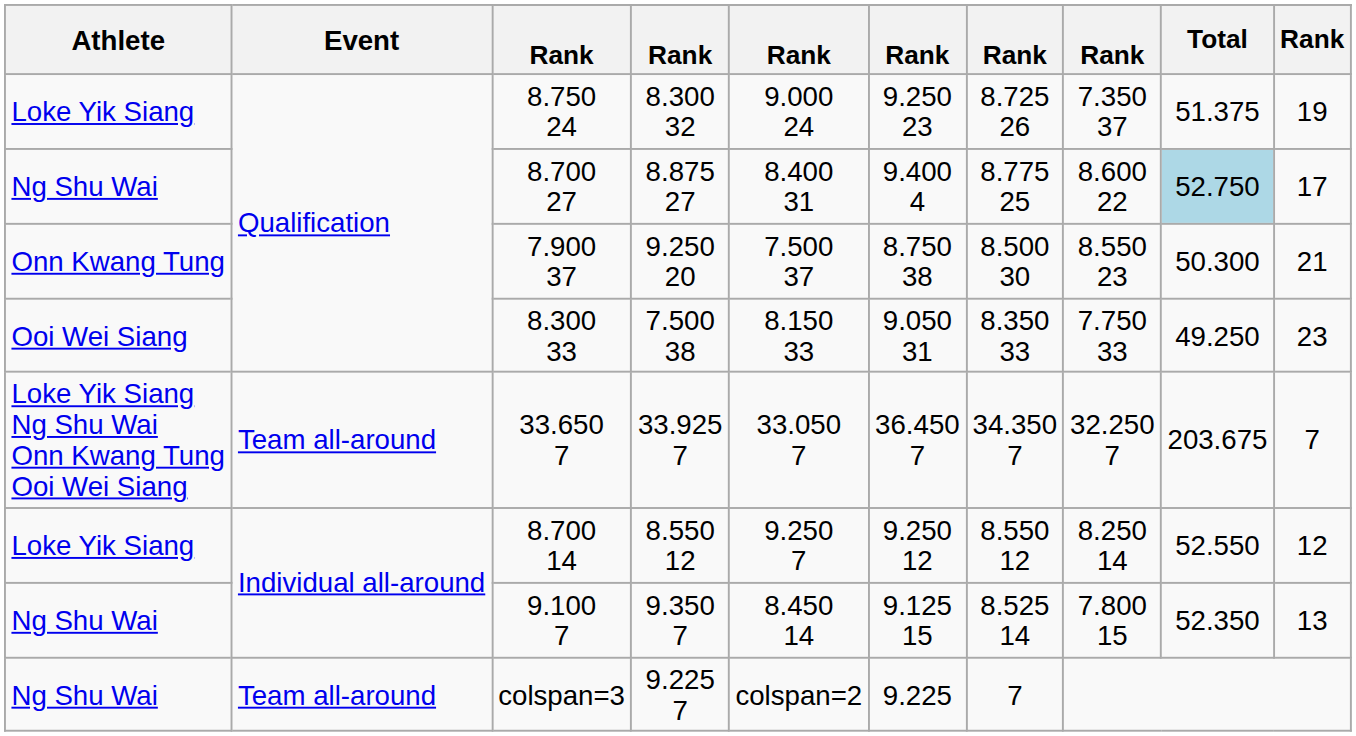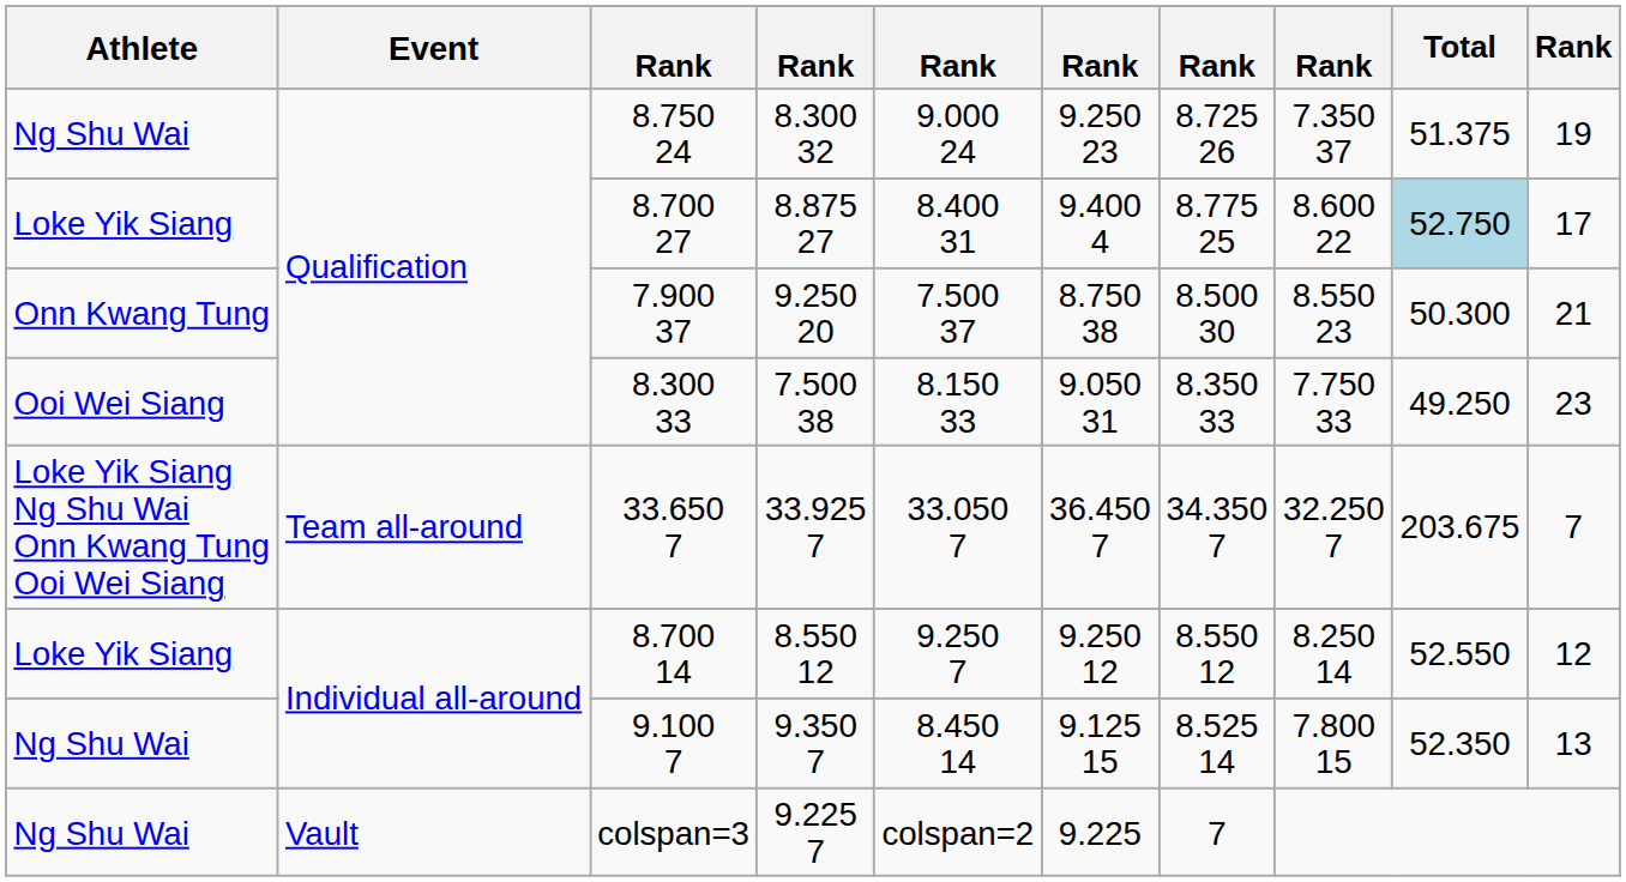 <table class=wikitable style="font-size:90%">
 <tr>
 <th rowspan=2>Athlete</th>
 <th rowspan=2>Event</th>
 </tr>
 <tr style="font-size:95%">
 <th><br>Rank</th>
 <th><br>Rank</th>
 <th><br>Rank</th>
 <th><br>Rank</th>
 <th><br>Rank</th>
 <th><br>Rank</th>
 <th>Total</th>
 <th>Rank</th>
 </tr>
 <tr align=center>
-<td align=left><a href='#'>Loke Yik Siang</a></td>
+<td align=left><a href='#'>Ng Shu Wai</a></td>
 <td align=left rowspan=4><a href='#'>Qualification</a></td>
 <td>8.750<br>24</td>
 <td>8.300<br>32</td>
 <td>9.000<br>24</td>
 <td>9.250<br>23</td>
 <td>8.725<br>26</td>
 <td>7.350<br>37</td>
 <td>51.375</td>
 <td>19 <strong></strong></td>
 </tr>
 <tr align=center>
-<td align=left><a href='#'>Ng Shu Wai</a></td>
+<td align=left><a href='#'>Loke Yik Siang</a></td>
 <td>8.700<br>27</td>
 <td>8.875<br>27</td>
 <td>8.400<br>31</td>
 <td>9.400<br>4 <strong></strong></td>
 <td>8.775<br>25</td>
 <td>8.600<br>22</td>
 <td style="background: lightblue;">52.750</td>
 <td>17 <strong></strong></td>
 </tr>
 <tr align=center>
 <td align=left><a href='#'>Onn Kwang Tung</a></td>
 <td>7.900<br>37</td>
 <td>9.250<br>20</td>
 <td>7.500<br>37</td>
 <td>8.750<br>38</td>
 <td>8.500<br>30</td>
 <td>8.550<br>23</td>
 <td>50.300</td>
 <td>21</td>
 </tr>
 <tr align=center>
 <td align=left><a href='#'>Ooi Wei Siang</a></td>
 <td>8.300<br>33</td>
 <td>7.500<br>38</td>
 <td>8.150<br>33</td>
 <td>9.050<br>31</td>
 <td>8.350<br>33</td>
 <td>7.750<br>33</td>
 <td>49.250</td>
 <td>23</td>
 </tr>
 <tr align=center>
 <td align=left><a href='#'>Loke Yik Siang</a><br><a href='#'>Ng Shu Wai</a><br><a href='#'>Onn Kwang Tung</a><br><a href='#'>Ooi Wei Siang</a></td>
 <td align=left><a href='#'>Team all-around</a></td>
 <td>33.650<br>7</td>
 <td>33.925<br>7</td>
 <td>33.050<br>7</td>
 <td>36.450<br>7</td>
 <td>34.350<br>7</td>
 <td>32.250<br>7</td>
 <td>203.675</td>
 <td>7</td>
 </tr>
 <tr align=center>
 <td align=left><a href='#'>Loke Yik Siang</a></td>
 <td align=left rowspan=2><a href='#'>Individual all-around</a></td>
 <td>8.700<br>14</td>
 <td>8.550<br>12</td>
 <td>9.250<br>7</td>
 <td>9.250<br>12</td>
 <td>8.550<br>12</td>
 <td>8.250<br>14</td>
 <td>52.550</td>
 <td>12</td>
 </tr>
 <tr align=center>
 <td align=left><a href='#'>Ng Shu Wai</a></td>
 <td>9.100<br>7</td>
 <td>9.350<br>7</td>
 <td>8.450<br>14</td>
 <td>9.125<br>15</td>
 <td>8.525<br>14</td>
 <td>7.800<br>15</td>
 <td>52.350</td>
 <td>13</td>
 </tr>
 <tr align=center>
 <td align=left><a href='#'>Ng Shu Wai</a></td>
-<td align=left><a href='#'>Team all-around</a></td>
+<td align=left><a href='#'>Vault</a></td>
 <td>colspan=3 </td>
 <td>9.225<br>7</td>
 <td>colspan=2 </td>
 <td>9.225</td>
 <td>7</td>
 </tr>
 </table>
